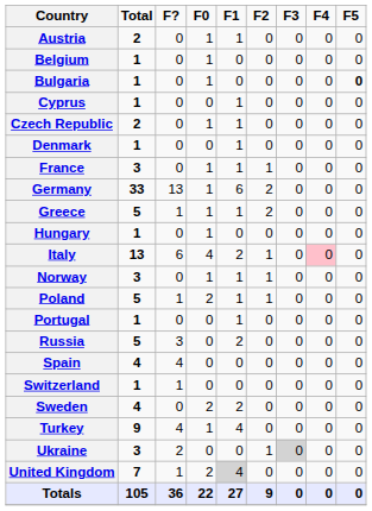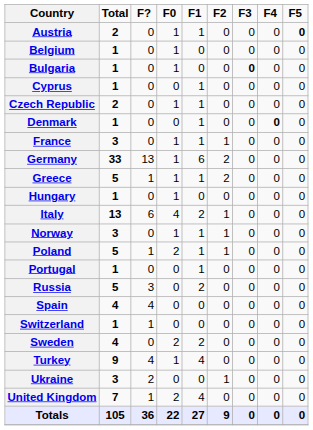 <table class="wikitable" style="margin:0 0 0.5em 1em;float:left;">
 <tr>
 <th><strong>Country</strong></th>
 <td><strong>Total</strong></td>
 <td><strong> F? </strong></td>
 <td><strong> F0 </strong></td>
 <td><strong> F1 </strong></td>
 <td><strong> F2 </strong></td>
 <td><strong> F3 </strong></td>
 <td><strong> F4 </strong></td>
 <td><strong> F5 </strong></td>
 </tr>
 <tr>
 <th><a href='#'>Austria</a></th>
 <td align="center"><strong>2</strong></td>
 <td align="right">0</td>
 <td align="right">1</td>
 <td align="right">1</td>
 <td align="right">0</td>
 <td align="right">0</td>
 <td align="right">0</td>
-<td align="right">0</td>
+<td align="right"><strong>0</strong></td>
 </tr>
 <tr>
 <th><a href='#'>Belgium</a></th>
 <td align="center"><strong>1</strong></td>
 <td align="right">0</td>
 <td align="right">1</td>
 <td align="right">0</td>
 <td align="right">0</td>
 <td align="right">0</td>
 <td align="right">0</td>
 <td align="right">0</td>
 </tr>
 <tr>
 <th><a href='#'>Bulgaria</a></th>
 <td align="center"><strong>1</strong></td>
 <td align="right">0</td>
 <td align="right">1</td>
 <td align="right">0</td>
 <td align="right">0</td>
+<td align="right"><strong>0</strong></td>
 <td align="right">0</td>
 <td align="right">0</td>
-<td align="right"><strong>0</strong></td>
 </tr>
 <tr>
 <th><a href='#'>Cyprus</a></th>
 <td align="center"><strong>1</strong></td>
 <td align="right">0</td>
 <td align="right">0</td>
 <td align="right">1</td>
 <td align="right">0</td>
 <td align="right">0</td>
 <td align="right">0</td>
 <td align="right">0</td>
 </tr>
 <tr>
 <th><a href='#'>Czech Republic</a></th>
 <td align="center"><strong>2</strong></td>
 <td align="right">0</td>
 <td align="right">1</td>
 <td align="right">1</td>
 <td align="right">0</td>
 <td align="right">0</td>
 <td align="right">0</td>
 <td align="right">0</td>
 </tr>
 <tr>
 <th><a href='#'>Denmark</a></th>
 <td align="center"><strong>1</strong></td>
 <td align="right">0</td>
 <td align="right">0</td>
 <td align="right">1</td>
 <td align="right">0</td>
 <td align="right">0</td>
-<td align="right">0</td>
+<td align="right"><strong>0</strong></td>
 <td align="right">0</td>
 </tr>
 <tr>
 <th><a href='#'>France</a></th>
 <td align="center"><strong>3</strong></td>
 <td align="right">0</td>
 <td align="right">1</td>
 <td align="right">1</td>
 <td align="right">1</td>
 <td align="right">0</td>
 <td align="right">0</td>
 <td align="right">0</td>
 </tr>
 <tr>
 <th><a href='#'>Germany</a></th>
 <td align="center"><strong>33</strong></td>
 <td align="right">13</td>
 <td align="right">1</td>
 <td align="right">6</td>
 <td align="right">2</td>
 <td align="right">0</td>
 <td align="right">0</td>
 <td align="right">0</td>
 </tr>
 <tr>
 <th><a href='#'>Greece</a></th>
 <td align="center"><strong>5</strong></td>
 <td align="right">1</td>
 <td align="right">1</td>
 <td align="right">1</td>
 <td align="right">2</td>
 <td align="right">0</td>
 <td align="right">0</td>
 <td align="right">0</td>
 </tr>
 <tr>
 <th><a href='#'>Hungary</a></th>
 <td align="center"><strong>1</strong></td>
 <td align="right">0</td>
 <td align="right">1</td>
 <td align="right">0</td>
 <td align="right">0</td>
 <td align="right">0</td>
 <td align="right">0</td>
 <td align="right">0</td>
 </tr>
 <tr>
 <th><a href='#'>Italy</a></th>
 <td align="center"><strong>13</strong></td>
 <td align="right">6</td>
 <td align="right">4</td>
 <td align="right">2</td>
 <td align="right">1</td>
 <td align="right">0</td>
-<td align="right" style="background: pink;">0</td>
+<td align="right">0</td>
 <td align="right">0</td>
 </tr>
 <tr>
 <th><a href='#'>Norway</a></th>
 <td align="center"><strong>3</strong></td>
 <td align="right">0</td>
 <td align="right">1</td>
 <td align="right">1</td>
 <td align="right">1</td>
 <td align="right">0</td>
 <td align="right">0</td>
 <td align="right">0</td>
 </tr>
 <tr>
 <th><a href='#'>Poland</a></th>
 <td align="center"><strong>5</strong></td>
 <td align="right">1</td>
 <td align="right">2</td>
 <td align="right">1</td>
 <td align="right">1</td>
 <td align="right">0</td>
 <td align="right">0</td>
 <td align="right">0</td>
 </tr>
 <tr>
 <th><a href='#'>Portugal</a></th>
 <td align="center"><strong>1</strong></td>
 <td align="right">0</td>
 <td align="right">0</td>
 <td align="right">1</td>
 <td align="right">0</td>
 <td align="right">0</td>
 <td align="right">0</td>
 <td align="right">0</td>
 </tr>
 <tr>
 <th><a href='#'>Russia</a></th>
 <td align="center"><strong>5</strong></td>
 <td align="right">3</td>
 <td align="right">0</td>
 <td align="right">2</td>
 <td align="right">0</td>
 <td align="right">0</td>
 <td align="right">0</td>
 <td align="right">0</td>
 </tr>
 <tr>
 <th><a href='#'>Spain</a></th>
 <td align="center"><strong>4</strong></td>
 <td align="right">4</td>
 <td align="right">0</td>
 <td align="right">0</td>
 <td align="right">0</td>
 <td align="right">0</td>
 <td align="right">0</td>
 <td align="right">0</td>
 </tr>
 <tr>
 <th><a href='#'>Switzerland</a></th>
 <td align="center"><strong>1</strong></td>
 <td align="right">1</td>
 <td align="right">0</td>
 <td align="right">0</td>
 <td align="right">0</td>
 <td align="right">0</td>
 <td align="right">0</td>
 <td align="right">0</td>
 </tr>
 <tr>
 <th><a href='#'>Sweden</a></th>
 <td align="center"><strong>4</strong></td>
 <td align="right">0</td>
 <td align="right">2</td>
 <td align="right">2</td>
 <td align="right">0</td>
 <td align="right">0</td>
 <td align="right">0</td>
 <td align="right">0</td>
 </tr>
 <tr>
 <th><a href='#'>Turkey</a></th>
 <td align="center"><strong>9</strong></td>
 <td align="right">4</td>
 <td align="right">1</td>
 <td align="right">4</td>
 <td align="right">0</td>
 <td align="right">0</td>
 <td align="right">0</td>
 <td align="right">0</td>
 </tr>
 <tr>
 <th><a href='#'>Ukraine</a></th>
 <td align="center"><strong>3</strong></td>
 <td align="right">2</td>
 <td align="right">0</td>
 <td align="right">0</td>
 <td align="right">1</td>
-<td align="right" style="background: lightgrey;">0</td>
+<td align="right">0</td>
 <td align="right">0</td>
 <td align="right">0</td>
 </tr>
 <tr>
 <th><a href='#'>United Kingdom</a></th>
 <td align="center"><strong>7</strong></td>
 <td align="right">1</td>
 <td align="right">2</td>
-<td align="right" style="background: lightgrey;">4</td>
+<td align="right">4</td>
 <td align="right">0</td>
 <td align="right">0</td>
 <td align="right">0</td>
 <td align="right">0</td>
 </tr>
 <tr>
 <td bgcolor="#e6e9ff" align="center"><strong>Totals</strong></td>
 <td bgcolor="#e6e9ff" align="center"><strong>105</strong></td>
 <td bgcolor="#e6e9ff" align="right"><strong>36</strong></td>
 <td bgcolor="#e6e9ff" align="right"><strong>22</strong></td>
 <td bgcolor="#e6e9ff" align="right"><strong>27</strong></td>
 <td bgcolor="#e6e9ff" align="right"><strong>9</strong></td>
 <td bgcolor="#e6e9ff" align="right"><strong>0</strong></td>
 <td bgcolor="#e6e9ff" align="right"><strong>0</strong></td>
 <td bgcolor="#e6e9ff" align="right"><strong>0</strong></td>
 </tr>
 <tr>
 </tr>
 </table>
